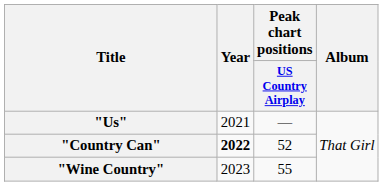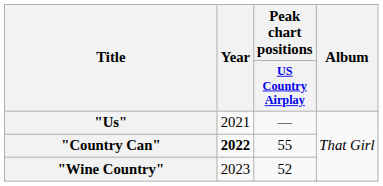 <table class="wikitable plainrowheaders" style="text-align:center;">
 <tr>
 <th rowspan="2" style="width:14em;">Title</th>
 <th rowspan="2">Year</th>
 <th colspan="1">Peak chart positions</th>
 <th rowspan="2">Album</th>
 </tr>
 <tr style="font-size:smaller;">
 <th width="45"><a href='#'>US Country Airplay</a><br></th>
 </tr>
 <tr>
 <th scope="row">"Us"</th>
 <td>2021</td>
 <td>—</td>
 <td rowspan="3"><em>That Girl</em></td>
 </tr>
 <tr>
 <th scope="row">"Country Can"</th>
 <td><strong>2022</strong></td>
-<td>52</td>
+<td>55</td>
 </tr>
 <tr>
 <th scope="row">"Wine Country"</th>
 <td>2023</td>
-<td>55</td>
+<td>52</td>
 </tr>
 </table>
